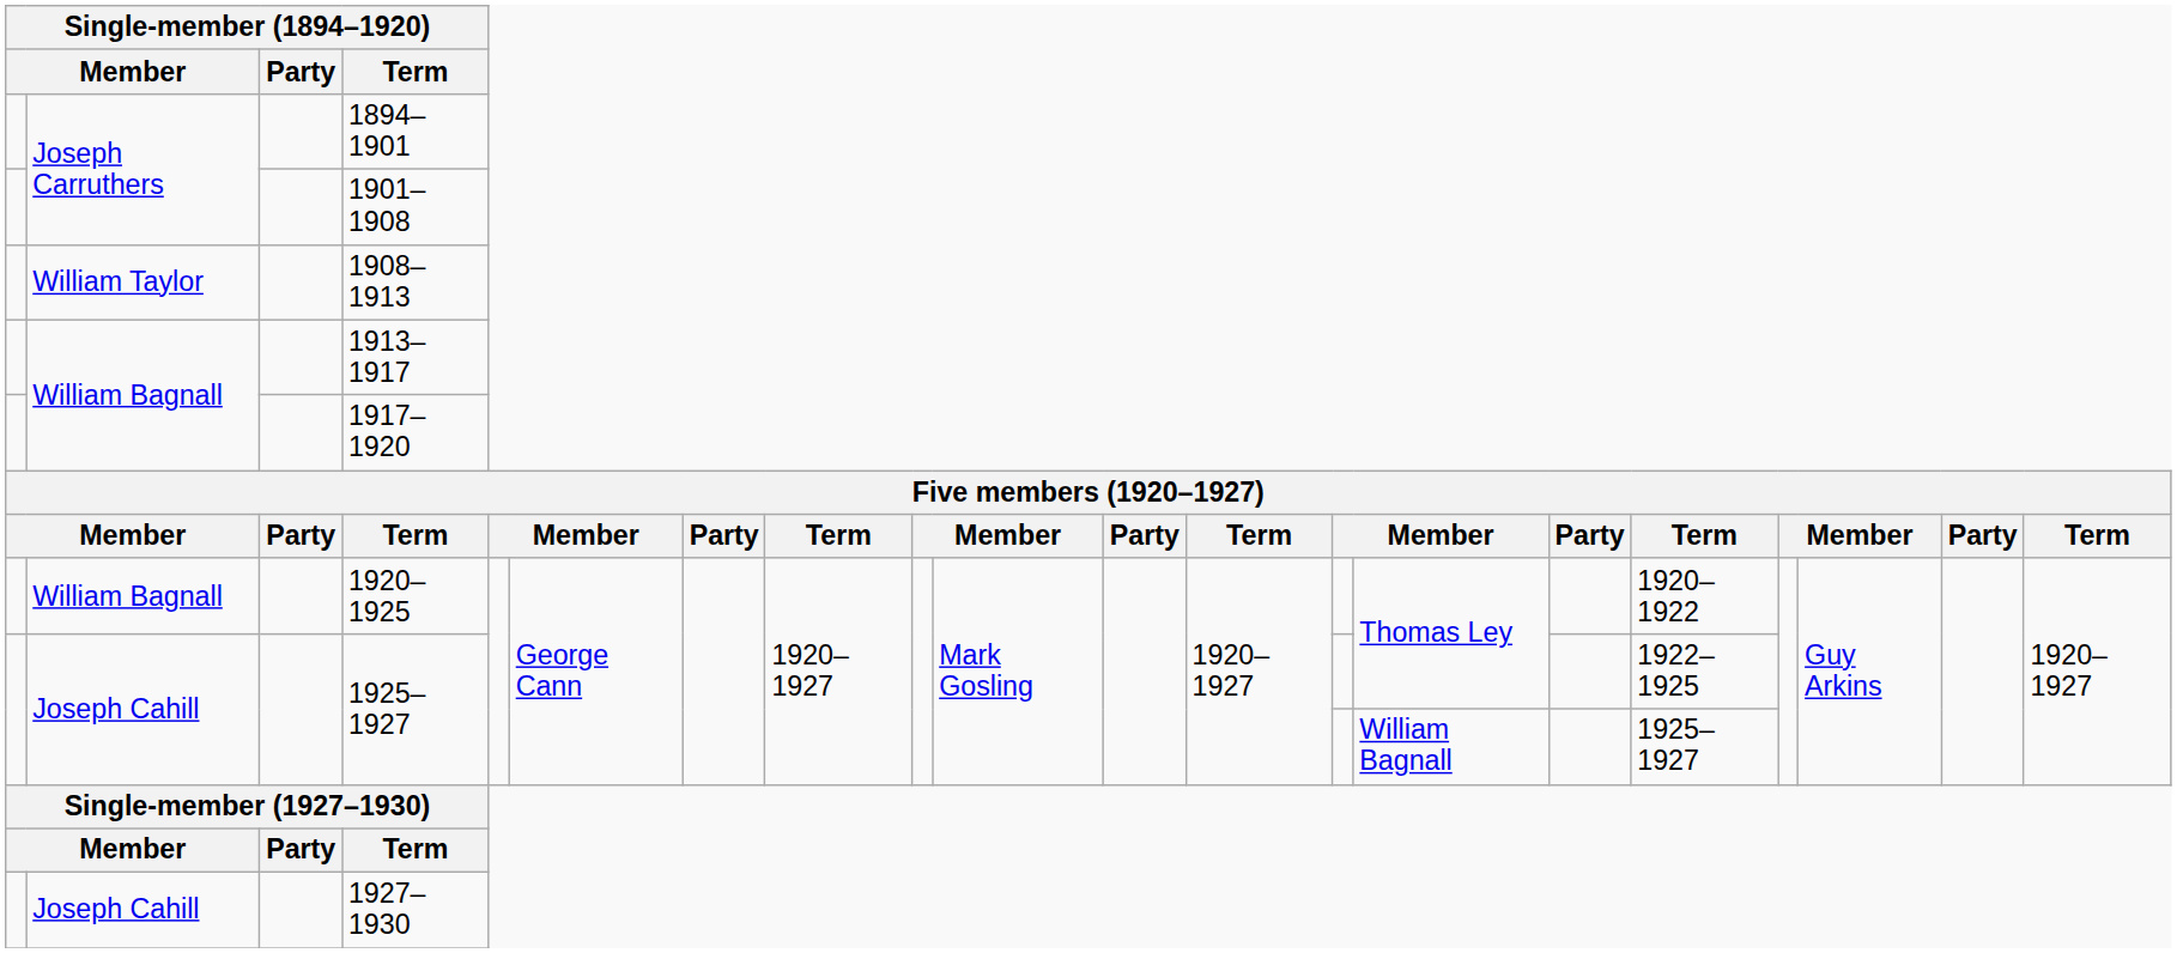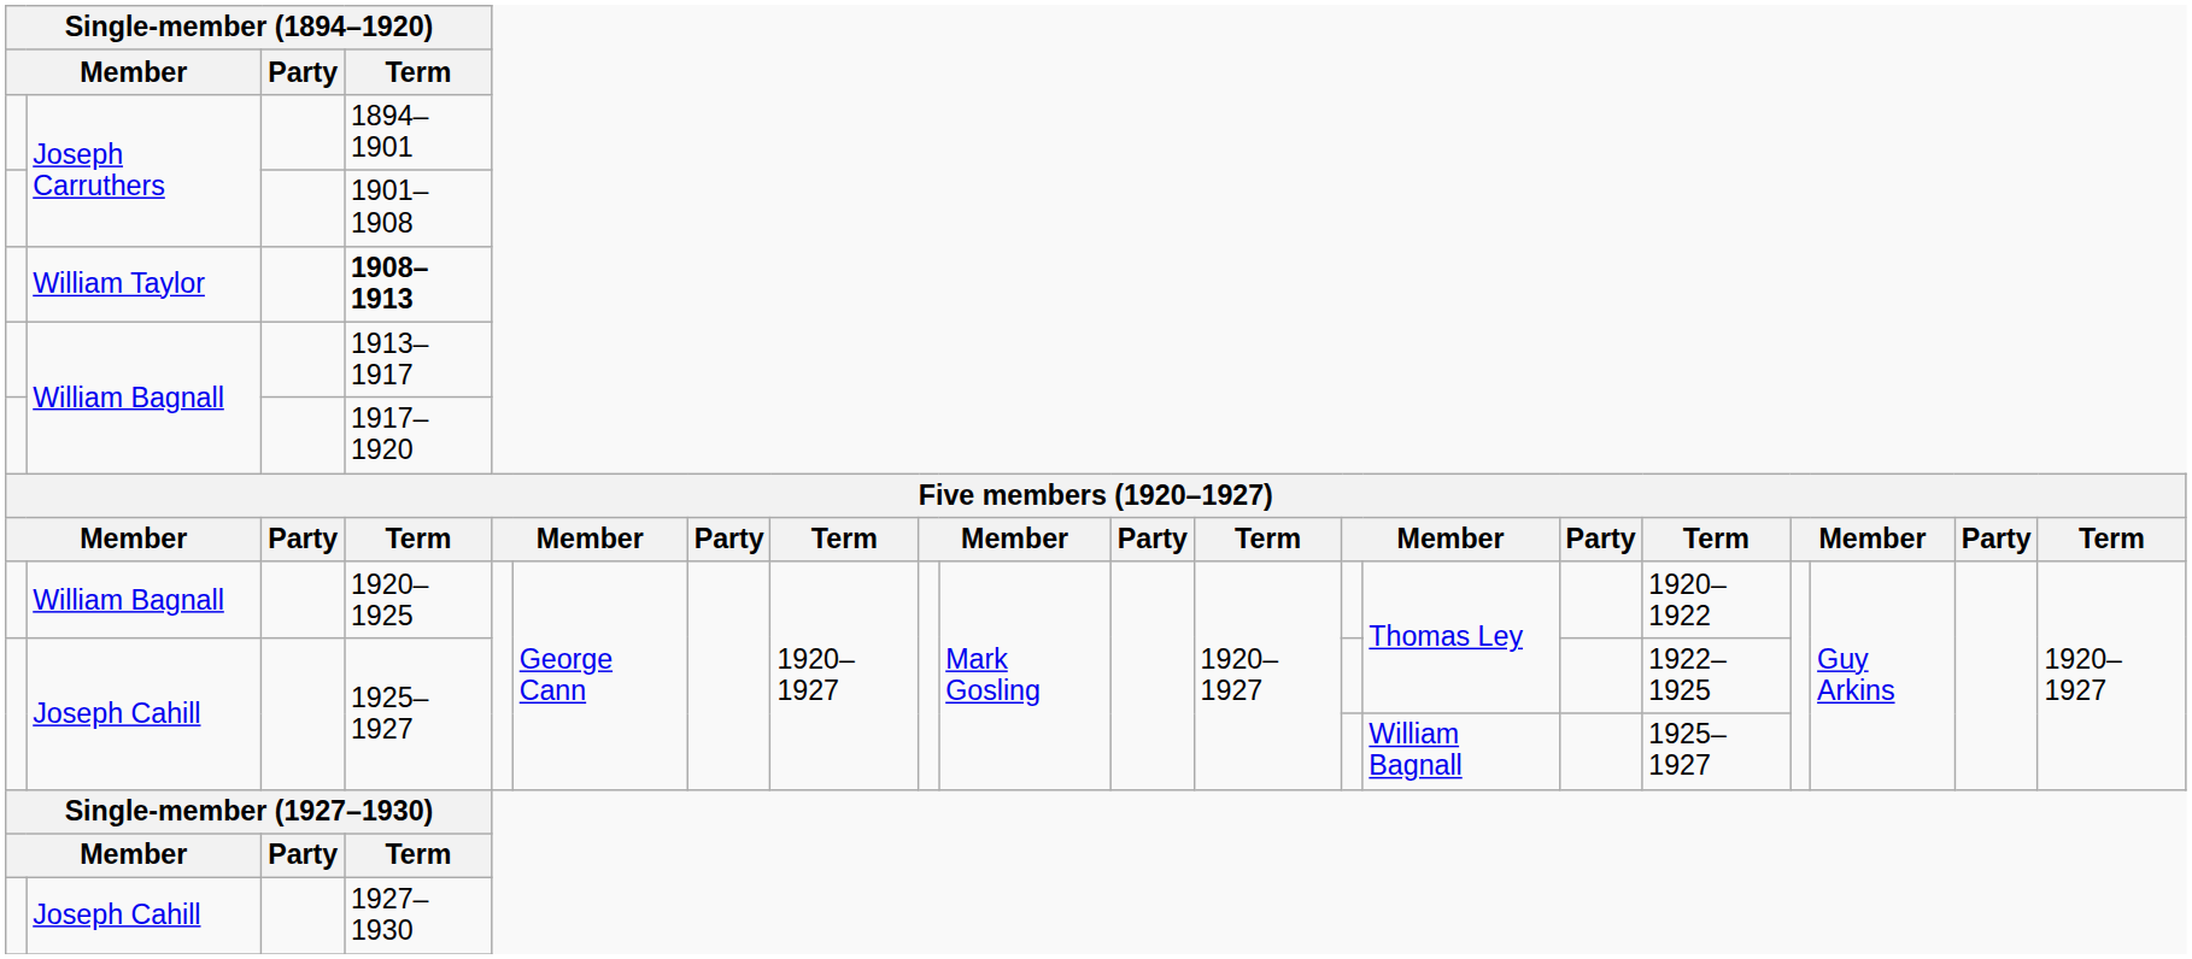 <table class="wikitable" style='border-style: none none none solid;'>
 <tr>
 <th colspan="4">Single-member (1894–1920)</th>
 </tr>
 <tr>
 <th colspan="2">Member</th>
 <th>Party</th>
 <th>Term</th>
 </tr>
 <tr style="background: #f9f9f9">
 <td> </td>
 <td rowspan="2"><a href='#'>Joseph Carruthers</a></td>
 <td></td>
 <td>1894–1901</td>
 </tr>
 <tr style="background: #f9f9f9">
 <td> </td>
 <td></td>
 <td>1901–1908</td>
 </tr>
 <tr style="background: #f9f9f9">
 <td> </td>
 <td><a href='#'>William Taylor</a></td>
 <td></td>
-<td>1908–1913</td>
+<td><strong>1908–1913</strong></td>
 </tr>
 <tr style="background: #f9f9f9">
 <td> </td>
 <td rowspan="2"><a href='#'>William Bagnall</a></td>
 <td></td>
 <td>1913–1917</td>
 </tr>
 <tr style="background: #f9f9f9">
 <td> </td>
 <td></td>
 <td>1917–1920</td>
 </tr>
 <tr>
 <th colspan="20">Five members (1920–1927)</th>
 </tr>
 <tr>
 <th colspan="2">Member</th>
 <th>Party</th>
 <th>Term</th>
 <th colspan="2">Member</th>
 <th>Party</th>
 <th>Term</th>
 <th colspan="2">Member</th>
 <th>Party</th>
 <th>Term</th>
 <th colspan="2">Member</th>
 <th>Party</th>
 <th>Term</th>
 <th colspan="2">Member</th>
 <th>Party</th>
 <th>Term</th>
 </tr>
 <tr style="background: #f9f9f9">
 <td rowspan="2" ><br> </td>
 <td rowspan="2"><a href='#'>William Bagnall</a></td>
 <td rowspan="2"></td>
 <td rowspan="2">1920–1925</td>
 <td rowspan="4" > </td>
 <td rowspan="4"><a href='#'>George Cann</a></td>
 <td rowspan="4"></td>
 <td rowspan="4">1920–1927</td>
 <td rowspan="4" > </td>
 <td rowspan="4"><a href='#'>Mark Gosling</a></td>
 <td rowspan="4"></td>
 <td rowspan="4">1920–1927</td>
 <td> </td>
 <td rowspan="3"><a href='#'>Thomas Ley</a></td>
 <td></td>
 <td>1920–1922</td>
 <td rowspan="4" > </td>
 <td rowspan="4"><a href='#'>Guy Arkins</a></td>
 <td rowspan="4"></td>
 <td rowspan="4">1920–1927</td>
 </tr>
 <tr style="background: #f9f9f9">
 <td rowspan="2" > </td>
 <td rowspan="2"></td>
 <td rowspan="2">1922–1925</td>
 </tr>
 <tr style="background: #f9f9f9">
 <td rowspan="2" ><br> </td>
 <td rowspan="2"><a href='#'>Joseph Cahill</a></td>
 <td rowspan="2"></td>
 <td rowspan="2">1925–1927</td>
 </tr>
 <tr style="background: #f9f9f9">
 <td> </td>
 <td><a href='#'>William Bagnall</a></td>
 <td></td>
 <td>1925–1927</td>
 </tr>
 <tr>
 <th colspan="4">Single-member (1927–1930)</th>
 </tr>
 <tr>
 <th colspan="2">Member</th>
 <th>Party</th>
 <th>Term</th>
 </tr>
 <tr style="background: #f9f9f9">
 <td> </td>
 <td><a href='#'>Joseph Cahill</a></td>
 <td></td>
 <td>1927–1930</td>
 </tr>
 </table>
